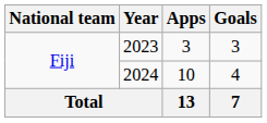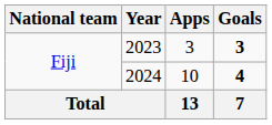 <table class="wikitable" style="text-align:center">
 <tr>
 <th>National team</th>
 <th>Year</th>
 <th>Apps</th>
 <th>Goals</th>
 </tr>
 <tr>
 <td rowspan="2"><a href='#'>Fiji</a></td>
 <td>2023</td>
 <td>3</td>
-<td>3</td>
+<td><strong>3</strong></td>
 </tr>
 <tr>
 <td>2024</td>
 <td>10</td>
-<td>4</td>
+<td><strong>4</strong></td>
 </tr>
 <tr>
 <th colspan="2">Total</th>
 <th>13</th>
 <th>7</th>
 </tr>
 </table>
